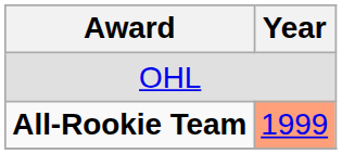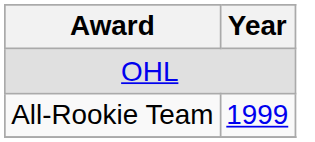 <table class="wikitable">
 <tr>
 <th scope="col">Award</th>
 <th scope="col">Year</th>
 </tr>
 <tr ALIGN="center" bgcolor="#e0e0e0">
 <td colspan="3"><a href='#'>OHL</a></td>
 </tr>
 <tr>
-<td><strong>All-Rookie Team</strong></td>
-<td style="background: lightsalmon;"><a href='#'>1999</a></td>
+<td>All-Rookie Team</td>
+<td><a href='#'>1999</a></td>
 </tr>
 <tr>
 </tr>
 </table>
